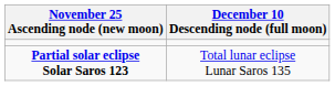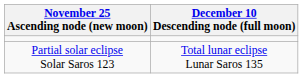 <table class="wikitable">
 <tr>
 <th><a href='#'>November 25</a><br>Ascending node (new moon)<br></th>
 <th><a href='#'>December 10</a><br>Descending node (full moon)<br></th>
 </tr>
 <tr>
 <td></td>
 <td></td>
 </tr>
 <tr align=center>
-<td><strong><a href='#'>Partial solar eclipse</a><br>Solar Saros 123</strong></td>
+<td><a href='#'>Partial solar eclipse</a><br>Solar Saros 123</td>
 <td><a href='#'>Total lunar eclipse</a><br>Lunar Saros 135</td>
 </tr>
 </table>
